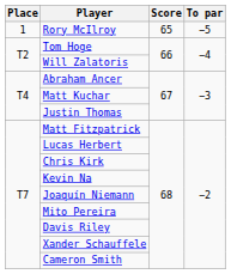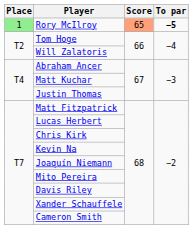 <table class="wikitable">
 <tr>
 <th>Place</th>
 <th>Player</th>
 <th>Score</th>
 <th>To par</th>
 </tr>
 <tr>
-<td align=center>1</td>
+<td align=center style="background: lightgreen;">1</td>
 <td> <a href='#'>Rory McIlroy</a></td>
-<td align=center>65</td>
-<td align=center>−5</td>
+<td align=center style="background: lightsalmon;">65</td>
+<td align=center><strong>−5</strong></td>
 </tr>
 <tr>
 <td rowspan=2 align=center>T2</td>
 <td> <a href='#'>Tom Hoge</a></td>
 <td rowspan=2 align=center>66</td>
 <td rowspan=2 align=center>−4</td>
 </tr>
 <tr>
 <td> <a href='#'>Will Zalatoris</a></td>
 </tr>
 <tr>
 <td rowspan=3 align=center>T4</td>
 <td> <a href='#'>Abraham Ancer</a></td>
 <td rowspan=3 align=center>67</td>
 <td rowspan=3 align=center>−3</td>
 </tr>
 <tr>
 <td> <a href='#'>Matt Kuchar</a></td>
 </tr>
 <tr>
 <td> <a href='#'>Justin Thomas</a></td>
 </tr>
 <tr>
 <td rowspan=9 align=center>T7</td>
 <td> <a href='#'>Matt Fitzpatrick</a></td>
 <td rowspan=9 align=center>68</td>
 <td rowspan=9 align=center>−2</td>
 </tr>
 <tr>
 <td> <a href='#'>Lucas Herbert</a></td>
 </tr>
 <tr>
 <td> <a href='#'>Chris Kirk</a></td>
 </tr>
 <tr>
 <td> <a href='#'>Kevin Na</a></td>
 </tr>
 <tr>
 <td> <a href='#'>Joaquín Niemann</a></td>
 </tr>
 <tr>
 <td> <a href='#'>Mito Pereira</a></td>
 </tr>
 <tr>
 <td> <a href='#'>Davis Riley</a></td>
 </tr>
 <tr>
 <td> <a href='#'>Xander Schauffele</a></td>
 </tr>
 <tr>
 <td> <a href='#'>Cameron Smith</a></td>
 </tr>
 </table>
